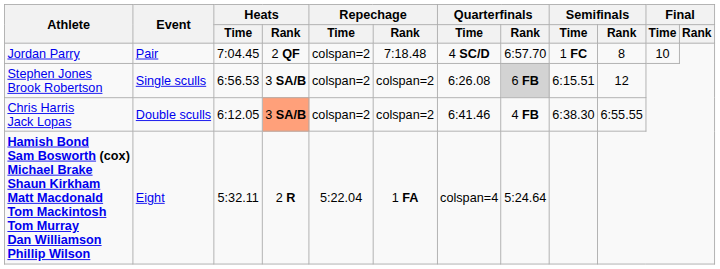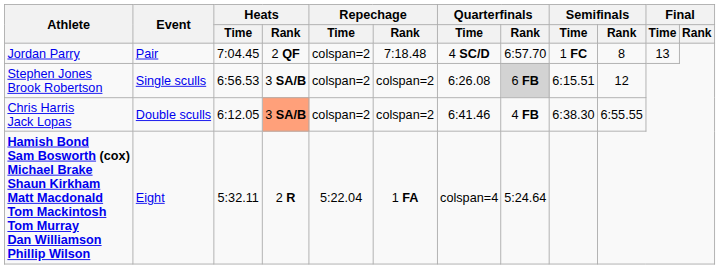 <table class="wikitable" style="font-size:90%">
 <tr>
 <th rowspan="2">Athlete</th>
 <th rowspan="2">Event</th>
 <th colspan="2">Heats</th>
 <th colspan="2">Repechage</th>
 <th colspan="2">Quarterfinals</th>
 <th colspan="2">Semifinals</th>
 <th colspan="2">Final</th>
 </tr>
 <tr style="font-size:95%">
 <th>Time</th>
 <th>Rank</th>
 <th>Time</th>
 <th>Rank</th>
 <th>Time</th>
 <th>Rank</th>
 <th>Time</th>
 <th>Rank</th>
 <th>Time</th>
 <th>Rank</th>
 </tr>
 <tr align=center>
 <td align=left><a href='#'>Jordan Parry</a></td>
 <td align=left><a href='#'>Pair</a></td>
 <td>7:04.45</td>
 <td>2 <strong>QF</strong></td>
 <td>colspan=2 </td>
 <td>7:18.48</td>
 <td>4 <strong>SC/D</strong></td>
 <td>6:57.70</td>
 <td>1 <strong>FC</strong></td>
 <td>8</td>
-<td>10</td>
+<td>13</td>
 </tr>
 <tr align=center>
 <td align=left><a href='#'>Stephen Jones</a><br><a href='#'>Brook Robertson</a></td>
 <td align=left><a href='#'>Single sculls</a></td>
 <td>6:56.53</td>
 <td>3 <strong>SA/B</strong></td>
 <td>colspan=2 </td>
 <td>colspan=2 </td>
 <td>6:26.08</td>
 <td style="background: lightgrey;">6 <strong>FB</strong></td>
 <td>6:15.51</td>
 <td>12</td>
 </tr>
 <tr align=center>
 <td align=left><a href='#'>Chris Harris</a><br><a href='#'>Jack Lopas</a></td>
 <td align=left><a href='#'>Double sculls</a></td>
 <td>6:12.05</td>
 <td style="background: lightsalmon;">3 <strong>SA/B</strong></td>
 <td>colspan=2 </td>
 <td>colspan=2 </td>
 <td>6:41.46</td>
 <td>4 <strong>FB</strong></td>
 <td>6:38.30</td>
 <td>6:55.55</td>
 </tr>
 <tr align=center>
 <td align=left><strong><a href='#'>Hamish Bond</a><br><a href='#'>Sam Bosworth</a> (cox)<br><a href='#'>Michael Brake</a><br><a href='#'>Shaun Kirkham</a><br><a href='#'>Matt Macdonald</a><br><a href='#'>Tom Mackintosh</a><br><a href='#'>Tom Murray</a><br><a href='#'>Dan Williamson</a><br><a href='#'>Phillip Wilson</a></strong></td>
 <td align=left><a href='#'>Eight</a></td>
 <td>5:32.11</td>
 <td>2 <strong>R</strong></td>
 <td>5:22.04</td>
 <td>1 <strong>FA</strong></td>
 <td>colspan=4 </td>
 <td>5:24.64</td>
 <td></td>
 </tr>
 </table>
